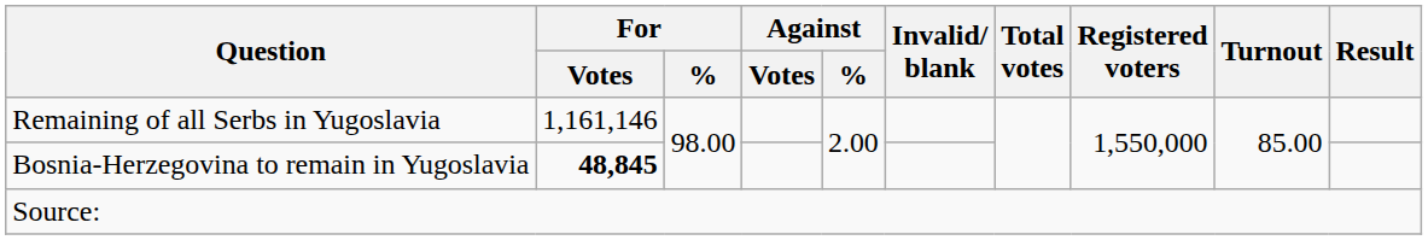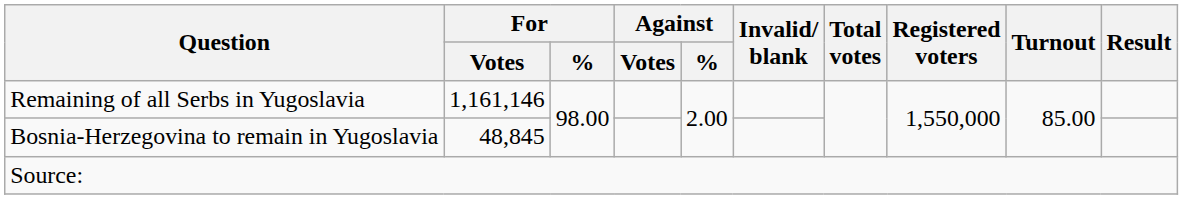 <table class=wikitable style=text-align:right>
 <tr>
 <th rowspan=2>Question</th>
 <th colspan=2>For</th>
 <th colspan=2>Against</th>
 <th rowspan=2>Invalid/<br>blank</th>
 <th rowspan=2>Total<br>votes</th>
 <th rowspan=2>Registered<br>voters</th>
 <th rowspan=2>Turnout</th>
 <th rowspan=2>Result</th>
 </tr>
 <tr>
 <th>Votes</th>
 <th>%</th>
 <th>Votes</th>
 <th>%</th>
 </tr>
 <tr>
 <td align=left>Remaining of all Serbs in Yugoslavia</td>
 <td>1,161,146</td>
 <td rowspan=2>98.00</td>
 <td></td>
 <td rowspan=2>2.00</td>
 <td></td>
 <td rowspan=2></td>
 <td rowspan=2>1,550,000</td>
 <td rowspan=2>85.00</td>
 <td></td>
 </tr>
 <tr>
 <td align=left>Bosnia-Herzegovina to remain in Yugoslavia</td>
-<td><strong>48,845</strong></td>
+<td>48,845</td>
 <td></td>
 <td></td>
 <td></td>
 </tr>
 <tr>
 <td colspan=10 align=left>Source: </td>
 </tr>
 </table>
